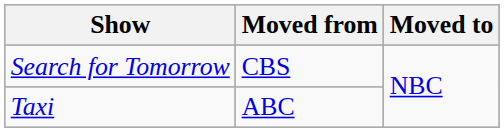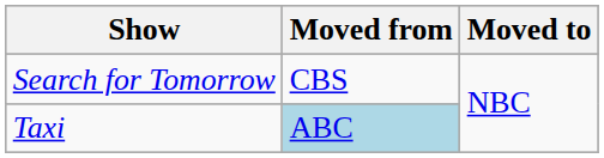 <table class="wikitable sortable">
 <tr>
 <th>Show</th>
 <th>Moved from</th>
 <th>Moved to</th>
 </tr>
 <tr>
 <td><em><a href='#'>Search for Tomorrow</a></em></td>
 <td><a href='#'>CBS</a></td>
 <td rowspan="2"><a href='#'>NBC</a></td>
 </tr>
 <tr>
 <td><em><a href='#'>Taxi</a></em></td>
-<td><a href='#'>ABC</a></td>
+<td style="background: lightblue;"><a href='#'>ABC</a></td>
 </tr>
 </table>
